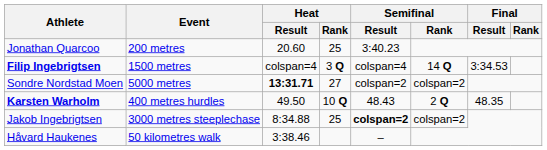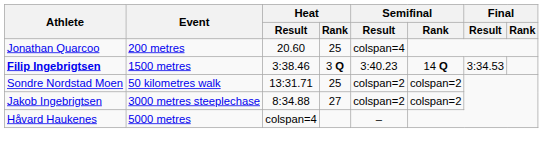 <table class="wikitable" style="font-size:90%">
 <tr>
 <th rowspan="2">Athlete</th>
 <th rowspan="2">Event</th>
 <th colspan="2">Heat</th>
 <th colspan="2">Semifinal</th>
 <th colspan="2">Final</th>
 </tr>
 <tr style="font-size:95%">
 <th>Result</th>
 <th>Rank</th>
 <th>Result</th>
 <th>Rank</th>
 <th>Result</th>
 <th>Rank</th>
 </tr>
 <tr style=text-align:center>
 <td style=text-align:left><a href='#'>Jonathan Quarcoo</a></td>
 <td style=text-align:left><a href='#'>200 metres</a></td>
 <td>20.60</td>
 <td>25</td>
-<td>3:40.23</td>
+<td>colspan=4 </td>
 </tr>
 <tr style=text-align:center>
 <td style=text-align:left><strong><a href='#'>Filip Ingebrigtsen</a></strong></td>
 <td style=text-align:left><a href='#'>1500 metres</a></td>
-<td>colspan=4 </td>
+<td>3:38.46</td>
 <td>3 <strong>Q</strong></td>
-<td>colspan=4 </td>
+<td>3:40.23</td>
 <td>14 <strong>Q</strong></td>
 <td>3:34.53</td>
 <td></td>
 </tr>
 <tr style=text-align:center>
 <td style=text-align:left><a href='#'>Sondre Nordstad Moen</a></td>
-<td style=text-align:left><a href='#'>5000 metres</a></td>
-<td><strong>13:31.71</strong></td>
+<td style=text-align:left><a href='#'>50 kilometres walk</a></td>
+<td>13:31.71</td>
+<td>25</td>
+<td>colspan=2 </td>
+<td>colspan=2 </td>
+</tr>
+<tr style=text-align:center>
+<td style=text-align:left><a href='#'>Jakob Ingebrigtsen</a></td>
+<td style=text-align:left><a href='#'>3000 metres steeplechase</a></td>
+<td>8:34.88</td>
 <td>27</td>
 <td>colspan=2 </td>
 <td>colspan=2 </td>
 </tr>
 <tr style=text-align:center>
-<td style=text-align:left><strong><a href='#'>Karsten Warholm</a></strong></td>
-<td style=text-align:left><a href='#'>400 metres hurdles</a></td>
-<td>49.50</td>
-<td>10 <strong>Q</strong></td>
-<td>48.43</td>
-<td>2 <strong>Q</strong></td>
-<td>48.35</td>
-<td></td>
-</tr>
-<tr style=text-align:center>
-<td style=text-align:left><a href='#'>Jakob Ingebrigtsen</a></td>
-<td style=text-align:left><a href='#'>3000 metres steeplechase</a></td>
-<td>8:34.88</td>
-<td>25</td>
-<td><strong>colspan=2 </strong></td>
-<td>colspan=2 </td>
-</tr>
-<tr style=text-align:center>
 <td style=text-align:left><a href='#'>Håvard Haukenes</a></td>
-<td style=text-align:left><a href='#'>50 kilometres walk</a></td>
-<td>3:38.46</td>
+<td style=text-align:left><a href='#'>5000 metres</a></td>
+<td>colspan=4 </td>
 <td></td>
 <td>–</td>
 </tr>
 </table>
